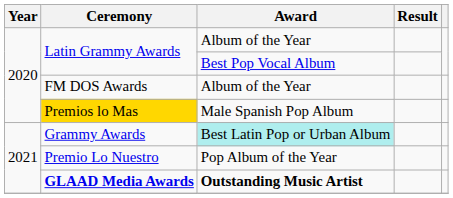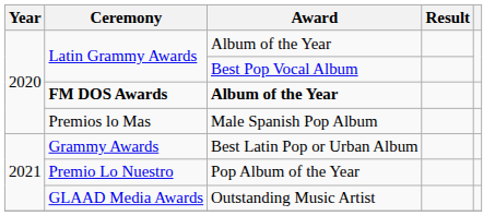 <table class="wikitable">
 <tr>
 <th>Year</th>
 <th>Ceremony</th>
 <th>Award</th>
 <th>Result</th>
 <th></th>
 </tr>
 <tr>
 <td rowspan="4">2020</td>
 <td rowspan="2"><a href='#'>Latin Grammy Awards</a></td>
 <td>Album of the Year</td>
 <td></td>
 <td rowspan=2></td>
 </tr>
 <tr>
 <td><a href='#'>Best Pop Vocal Album</a></td>
 <td></td>
 </tr>
 <tr>
-<td>FM DOS Awards</td>
-<td>Album of the Year</td>
+<td><strong>FM DOS Awards</strong></td>
+<td><strong>Album of the Year</strong></td>
 <td></td>
 <td></td>
 </tr>
 <tr>
-<td style="background: gold;">Premios lo Mas</td>
+<td>Premios lo Mas</td>
 <td>Male Spanish Pop Album</td>
 <td></td>
 <td></td>
 </tr>
 <tr>
 <td rowspan="3">2021</td>
 <td><a href='#'>Grammy Awards</a></td>
-<td style="background: paleturquoise;">Best Latin Pop or Urban Album</td>
+<td>Best Latin Pop or Urban Album</td>
 <td></td>
 <td></td>
 </tr>
 <tr>
 <td><a href='#'>Premio Lo Nuestro</a></td>
 <td>Pop Album of the Year</td>
 <td></td>
 <td></td>
 </tr>
 <tr>
-<td><strong><a href='#'>GLAAD Media Awards</a></strong></td>
-<td><strong>Outstanding Music Artist</strong></td>
+<td><a href='#'>GLAAD Media Awards</a></td>
+<td>Outstanding Music Artist</td>
 <td></td>
 <td></td>
 </tr>
 <tr>
 </tr>
 </table>
